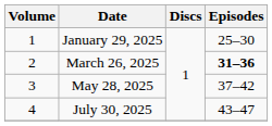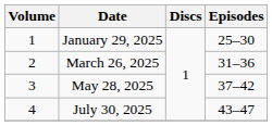 <table class="wikitable" style="text-align:center;">
 <tr>
 <th>Volume</th>
 <th>Date</th>
 <th>Discs</th>
 <th>Episodes</th>
 </tr>
 <tr>
 <td>1</td>
 <td>January 29, 2025</td>
 <td rowspan="4">1</td>
 <td>25–30</td>
 </tr>
 <tr>
 <td>2</td>
 <td>March 26, 2025</td>
-<td><strong>31–36</strong></td>
+<td>31–36</td>
 </tr>
 <tr>
 <td>3</td>
 <td>May 28, 2025</td>
 <td>37–42</td>
 </tr>
 <tr>
 <td>4</td>
 <td>July 30, 2025</td>
 <td>43–47</td>
 </tr>
 <tr>
 </tr>
 </table>
